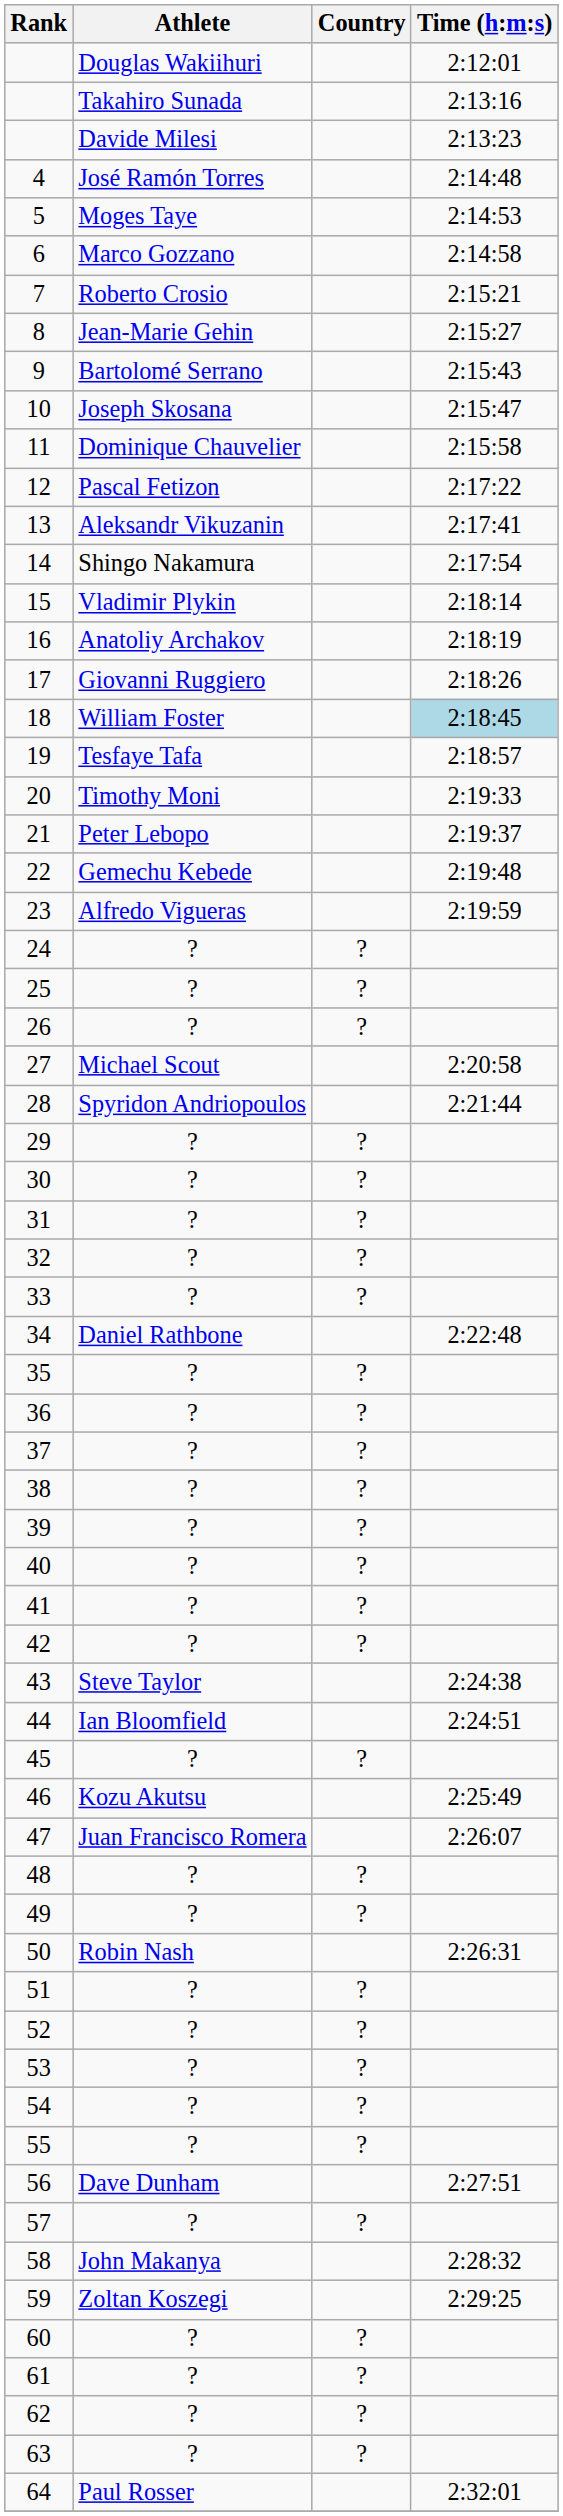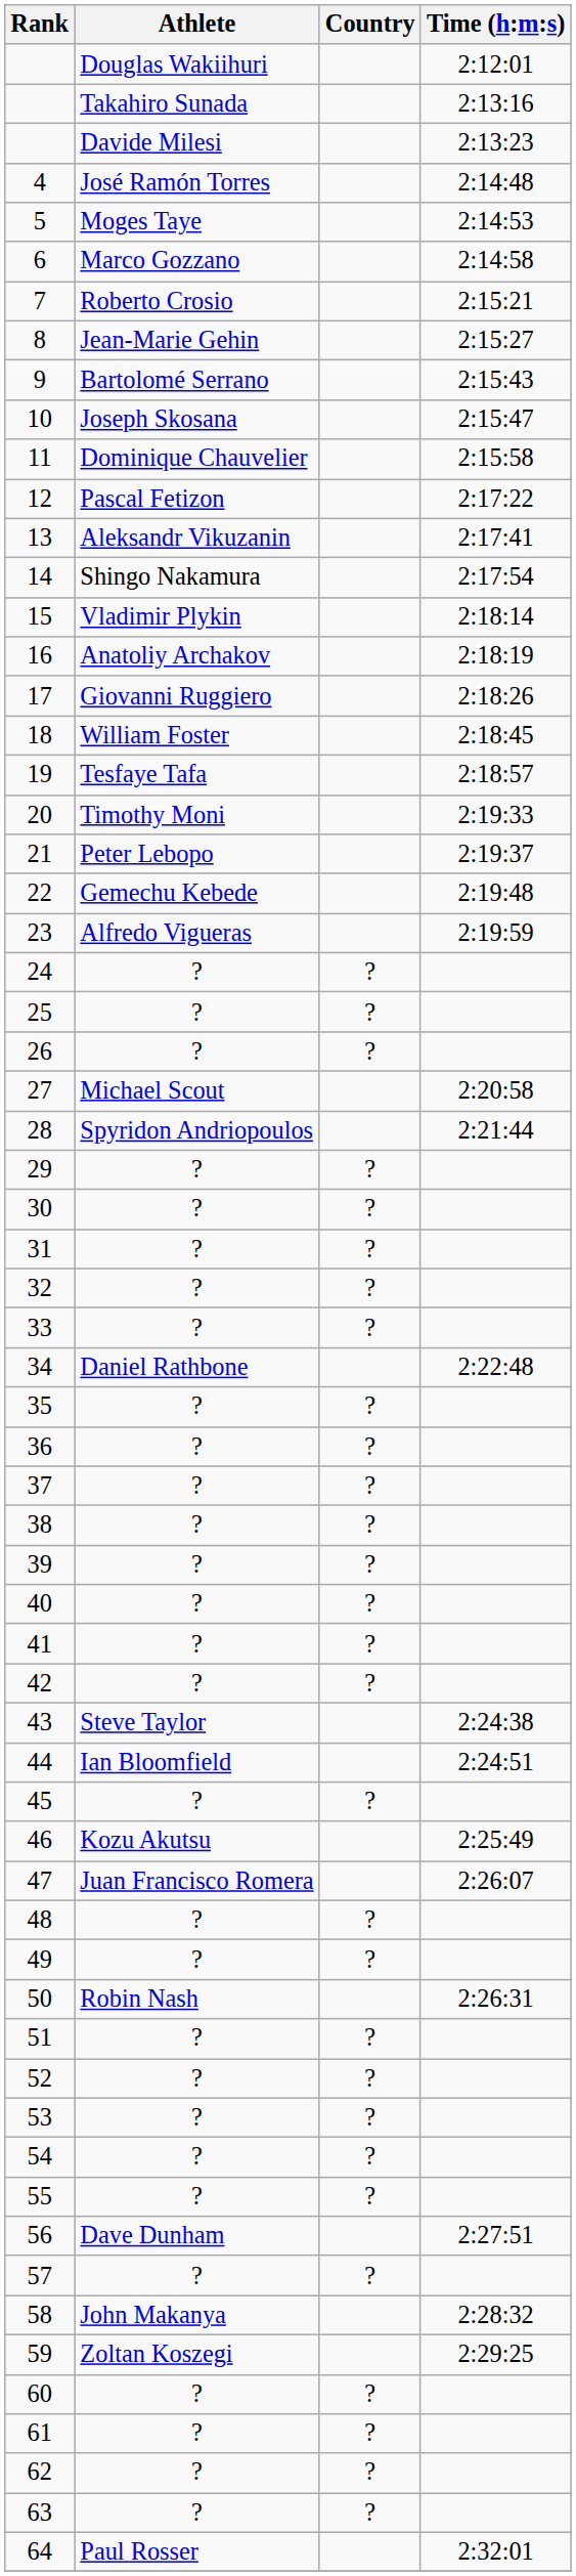 <table class="wikitable sortable" style="text-align:center;">
 <tr>
 <th>Rank</th>
 <th>Athlete</th>
 <th>Country</th>
 <th>Time (<a href='#'>h</a>:<a href='#'>m</a>:<a href='#'>s</a>)</th>
 </tr>
 <tr>
 <td></td>
 <td align=left><a href='#'>Douglas Wakiihuri</a></td>
 <td align=left></td>
 <td>2:12:01</td>
 </tr>
 <tr>
 <td></td>
 <td align=left><a href='#'>Takahiro Sunada</a></td>
 <td align=left></td>
 <td>2:13:16</td>
 </tr>
 <tr>
 <td></td>
 <td align=left><a href='#'>Davide Milesi</a></td>
 <td align=left></td>
 <td>2:13:23</td>
 </tr>
 <tr>
 <td>4</td>
 <td align=left><a href='#'>José Ramón Torres</a></td>
 <td align=left></td>
 <td>2:14:48</td>
 </tr>
 <tr>
 <td>5</td>
 <td align=left><a href='#'>Moges Taye</a></td>
 <td align=left></td>
 <td>2:14:53</td>
 </tr>
 <tr>
 <td>6</td>
 <td align=left><a href='#'>Marco Gozzano</a></td>
 <td align=left></td>
 <td>2:14:58</td>
 </tr>
 <tr>
 <td>7</td>
 <td align=left><a href='#'>Roberto Crosio</a></td>
 <td align=left></td>
 <td>2:15:21</td>
 </tr>
 <tr>
 <td>8</td>
 <td align=left><a href='#'>Jean-Marie Gehin</a></td>
 <td align=left></td>
 <td>2:15:27</td>
 </tr>
 <tr>
 <td>9</td>
 <td align=left><a href='#'>Bartolomé Serrano</a></td>
 <td align=left></td>
 <td>2:15:43</td>
 </tr>
 <tr>
 <td>10</td>
 <td align=left><a href='#'>Joseph Skosana</a></td>
 <td align=left></td>
 <td>2:15:47</td>
 </tr>
 <tr>
 <td>11</td>
 <td align=left><a href='#'>Dominique Chauvelier</a></td>
 <td align=left></td>
 <td>2:15:58</td>
 </tr>
 <tr>
 <td>12</td>
 <td align=left><a href='#'>Pascal Fetizon</a></td>
 <td align=left></td>
 <td>2:17:22</td>
 </tr>
 <tr>
 <td>13</td>
 <td align=left><a href='#'>Aleksandr Vikuzanin</a></td>
 <td align=left></td>
 <td>2:17:41</td>
 </tr>
 <tr>
 <td>14</td>
 <td align=left>Shingo Nakamura</td>
 <td align=left></td>
 <td>2:17:54</td>
 </tr>
 <tr>
 <td>15</td>
 <td align=left><a href='#'>Vladimir Plykin</a></td>
 <td align=left></td>
 <td>2:18:14</td>
 </tr>
 <tr>
 <td>16</td>
 <td align=left><a href='#'>Anatoliy Archakov</a></td>
 <td align=left></td>
 <td>2:18:19</td>
 </tr>
 <tr>
 <td>17</td>
 <td align=left><a href='#'>Giovanni Ruggiero</a></td>
 <td align=left></td>
 <td>2:18:26</td>
 </tr>
 <tr>
 <td>18</td>
 <td align=left><a href='#'>William Foster</a></td>
 <td align=left></td>
-<td style="background: lightblue;">2:18:45</td>
+<td>2:18:45</td>
 </tr>
 <tr>
 <td>19</td>
 <td align=left><a href='#'>Tesfaye Tafa</a></td>
 <td align=left></td>
 <td>2:18:57</td>
 </tr>
 <tr>
 <td>20</td>
 <td align=left><a href='#'>Timothy Moni</a></td>
 <td align=left></td>
 <td>2:19:33</td>
 </tr>
 <tr>
 <td>21</td>
 <td align=left><a href='#'>Peter Lebopo</a></td>
 <td align=left></td>
 <td>2:19:37</td>
 </tr>
 <tr>
 <td>22</td>
 <td align=left><a href='#'>Gemechu Kebede</a></td>
 <td align=left></td>
 <td>2:19:48</td>
 </tr>
 <tr>
 <td>23</td>
 <td align=left><a href='#'>Alfredo Vigueras</a></td>
 <td align=left></td>
 <td>2:19:59</td>
 </tr>
 <tr>
 <td>24</td>
 <td>?</td>
 <td>?</td>
 <td></td>
 </tr>
 <tr>
 <td>25</td>
 <td>?</td>
 <td>?</td>
 <td></td>
 </tr>
 <tr>
 <td>26</td>
 <td>?</td>
 <td>?</td>
 <td></td>
 </tr>
 <tr>
 <td>27</td>
 <td align=left><a href='#'>Michael Scout</a></td>
 <td align=left></td>
 <td>2:20:58</td>
 </tr>
 <tr>
 <td>28</td>
 <td align=left><a href='#'>Spyridon Andriopoulos</a></td>
 <td align=left></td>
 <td>2:21:44</td>
 </tr>
 <tr>
 <td>29</td>
 <td>?</td>
 <td>?</td>
 <td></td>
 </tr>
 <tr>
 <td>30</td>
 <td>?</td>
 <td>?</td>
 <td></td>
 </tr>
 <tr>
 <td>31</td>
 <td>?</td>
 <td>?</td>
 <td></td>
 </tr>
 <tr>
 <td>32</td>
 <td>?</td>
 <td>?</td>
 <td></td>
 </tr>
 <tr>
 <td>33</td>
 <td>?</td>
 <td>?</td>
 <td></td>
 </tr>
 <tr>
 <td>34</td>
 <td align=left><a href='#'>Daniel Rathbone</a></td>
 <td align=left></td>
 <td>2:22:48</td>
 </tr>
 <tr>
 <td>35</td>
 <td>?</td>
 <td>?</td>
 <td></td>
 </tr>
 <tr>
 <td>36</td>
 <td>?</td>
 <td>?</td>
 <td></td>
 </tr>
 <tr>
 <td>37</td>
 <td>?</td>
 <td>?</td>
 <td></td>
 </tr>
 <tr>
 <td>38</td>
 <td>?</td>
 <td>?</td>
 <td></td>
 </tr>
 <tr>
 <td>39</td>
 <td>?</td>
 <td>?</td>
 <td></td>
 </tr>
 <tr>
 <td>40</td>
 <td>?</td>
 <td>?</td>
 <td></td>
 </tr>
 <tr>
 <td>41</td>
 <td>?</td>
 <td>?</td>
 <td></td>
 </tr>
 <tr>
 <td>42</td>
 <td>?</td>
 <td>?</td>
 <td></td>
 </tr>
 <tr>
 <td>43</td>
 <td align=left><a href='#'>Steve Taylor</a></td>
 <td align=left></td>
 <td>2:24:38</td>
 </tr>
 <tr>
 <td>44</td>
 <td align=left><a href='#'>Ian Bloomfield</a></td>
 <td align=left></td>
 <td>2:24:51</td>
 </tr>
 <tr>
 <td>45</td>
 <td>?</td>
 <td>?</td>
 <td></td>
 </tr>
 <tr>
 <td>46</td>
 <td align=left><a href='#'>Kozu Akutsu</a></td>
 <td align=left></td>
 <td>2:25:49</td>
 </tr>
 <tr>
 <td>47</td>
 <td align=left><a href='#'>Juan Francisco Romera</a></td>
 <td align=left></td>
 <td>2:26:07</td>
 </tr>
 <tr>
 <td>48</td>
 <td>?</td>
 <td>?</td>
 <td></td>
 </tr>
 <tr>
 <td>49</td>
 <td>?</td>
 <td>?</td>
 <td></td>
 </tr>
 <tr>
 <td>50</td>
 <td align=left><a href='#'>Robin Nash</a></td>
 <td align=left></td>
 <td>2:26:31</td>
 </tr>
 <tr>
 <td>51</td>
 <td>?</td>
 <td>?</td>
 <td></td>
 </tr>
 <tr>
 <td>52</td>
 <td>?</td>
 <td>?</td>
 <td></td>
 </tr>
 <tr>
 <td>53</td>
 <td>?</td>
 <td>?</td>
 <td></td>
 </tr>
 <tr>
 <td>54</td>
 <td>?</td>
 <td>?</td>
 <td></td>
 </tr>
 <tr>
 <td>55</td>
 <td>?</td>
 <td>?</td>
 <td></td>
 </tr>
 <tr>
 <td>56</td>
 <td align=left><a href='#'>Dave Dunham</a></td>
 <td align=left></td>
 <td>2:27:51</td>
 </tr>
 <tr>
 <td>57</td>
 <td>?</td>
 <td>?</td>
 <td></td>
 </tr>
 <tr>
 <td>58</td>
 <td align=left><a href='#'>John Makanya</a></td>
 <td align=left></td>
 <td>2:28:32</td>
 </tr>
 <tr>
 <td>59</td>
 <td align=left><a href='#'>Zoltan Koszegi</a></td>
 <td align=left></td>
 <td>2:29:25</td>
 </tr>
 <tr>
 <td>60</td>
 <td>?</td>
 <td>?</td>
 <td></td>
 </tr>
 <tr>
 <td>61</td>
 <td>?</td>
 <td>?</td>
 <td></td>
 </tr>
 <tr>
 <td>62</td>
 <td>?</td>
 <td>?</td>
 <td></td>
 </tr>
 <tr>
 <td>63</td>
 <td>?</td>
 <td>?</td>
 <td></td>
 </tr>
 <tr>
 <td>64</td>
 <td align=left><a href='#'>Paul Rosser</a></td>
 <td align=left></td>
 <td>2:32:01</td>
 </tr>
 <tr>
 </tr>
 </table>
